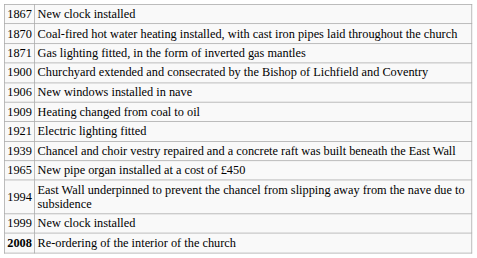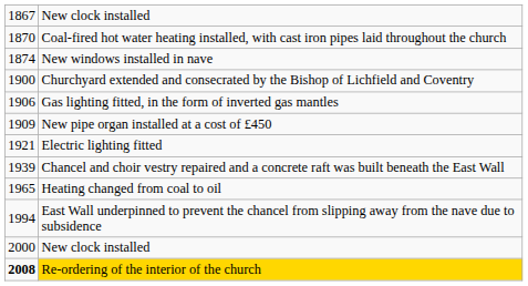 <table class="wikitable">
 <tr>
 <td>1867</td>
 <td>New clock installed</td>
 </tr>
 <tr>
 <td>1870</td>
 <td>Coal-fired hot water heating installed, with cast iron pipes laid throughout the church</td>
 </tr>
 <tr>
-<td>1871</td>
-<td>Gas lighting fitted, in the form of inverted gas mantles</td>
+<td>1874</td>
+<td>New windows installed in nave</td>
 </tr>
 <tr>
 <td>1900</td>
 <td>Churchyard extended and consecrated by the Bishop of Lichfield and Coventry</td>
 </tr>
 <tr>
 <td>1906</td>
-<td>New windows installed in nave</td>
+<td>Gas lighting fitted, in the form of inverted gas mantles</td>
 </tr>
 <tr>
 <td>1909</td>
-<td>Heating changed from coal to oil</td>
+<td>New pipe organ installed at a cost of £450</td>
 </tr>
 <tr>
 <td>1921</td>
 <td>Electric lighting fitted</td>
 </tr>
 <tr>
 <td>1939</td>
 <td>Chancel and choir vestry repaired and a concrete raft was built beneath the East Wall</td>
 </tr>
 <tr>
 <td>1965</td>
-<td>New pipe organ installed at a cost of £450</td>
+<td>Heating changed from coal to oil</td>
 </tr>
 <tr>
 <td>1994</td>
 <td>East Wall underpinned to prevent the chancel from slipping away from the nave due to subsidence</td>
 </tr>
 <tr>
-<td>1999</td>
+<td>2000</td>
 <td>New clock installed</td>
 </tr>
 <tr>
 <td><strong>2008</strong></td>
-<td>Re-ordering of the interior of the church</td>
+<td style="background: gold;">Re-ordering of the interior of the church</td>
 </tr>
 </table>
